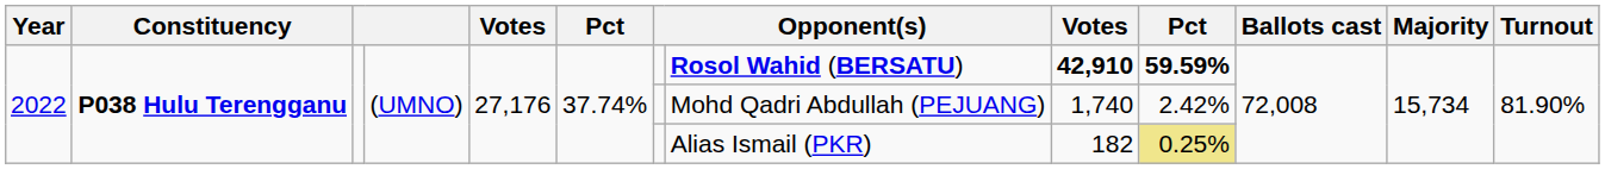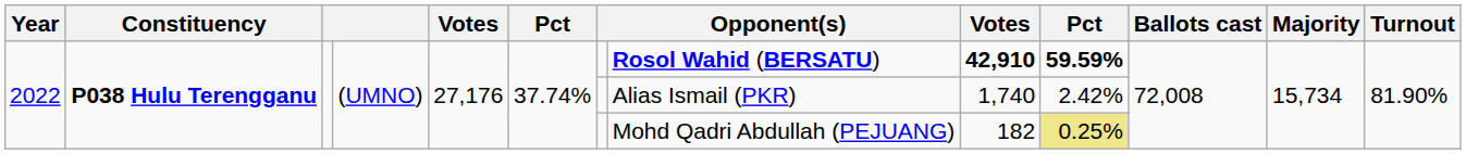 <table class="wikitable" style="margin:0.5em ; font-size:95%">
 <tr>
 <th>Year</th>
 <th>Constituency</th>
 <th colspan=2></th>
 <th>Votes</th>
 <th>Pct</th>
 <th colspan=2>Opponent(s)</th>
 <th>Votes</th>
 <th>Pct</th>
 <th>Ballots cast</th>
 <th>Majority</th>
 <th>Turnout</th>
 </tr>
 <tr>
 <td rowspan="3"><a href='#'>2022</a></td>
 <td rowspan="3"><strong>P038 <a href='#'>Hulu Terengganu</a></strong></td>
 <td rowspan="3" ></td>
 <td rowspan="3"> (<a href='#'>UMNO</a>)</td>
 <td rowspan="3" align="right">27,176</td>
 <td rowspan="3">37.74%</td>
 <td></td>
 <td><strong><a href='#'>Rosol Wahid</a></strong> (<a href='#'><strong>BERSATU</strong></a>)</td>
 <td align="right"><strong>42,910</strong></td>
 <td><strong>59.59%</strong></td>
 <td rowspan="3">72,008</td>
 <td rowspan="3">15,734</td>
 <td rowspan="3">81.90%</td>
 </tr>
 <tr>
 <td></td>
-<td>Mohd Qadri Abdullah (<a href='#'>PEJUANG</a>)</td>
+<td>Alias Ismail  (<a href='#'>PKR</a>)</td>
 <td align="right">1,740</td>
 <td align="right">2.42%</td>
 </tr>
 <tr>
 <td bgcolor=></td>
-<td>Alias Ismail  (<a href='#'>PKR</a>)</td>
+<td>Mohd Qadri Abdullah (<a href='#'>PEJUANG</a>)</td>
 <td align="right">182</td>
 <td align="right" style="background: khaki;">0.25%</td>
 </tr>
 </table>
